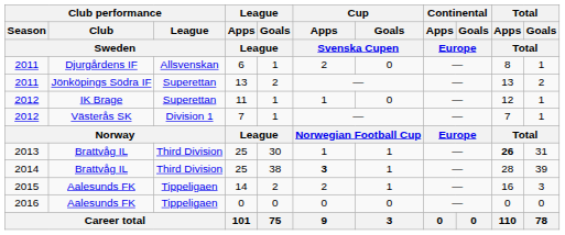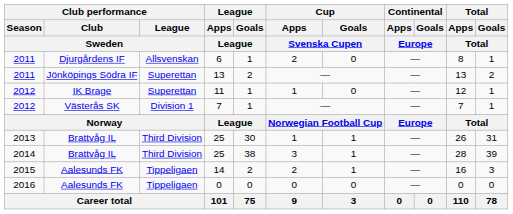 <table class="wikitable" style="text-align:center">
 <tr>
 <th colspan=3>Club performance</th>
 <th colspan=2>League</th>
 <th colspan=2>Cup</th>
 <th colspan=2>Continental</th>
 <th colspan=2>Total</th>
 </tr>
 <tr>
 <th>Season</th>
 <th>Club</th>
 <th>League</th>
 <th>Apps</th>
 <th>Goals</th>
 <th>Apps</th>
 <th>Goals</th>
 <th>Apps</th>
 <th>Goals</th>
 <th>Apps</th>
 <th>Goals</th>
 </tr>
 <tr>
 <th colspan=3>Sweden</th>
 <th colspan=2>League</th>
 <th colspan=2><a href='#'>Svenska Cupen</a></th>
 <th colspan=2><a href='#'>Europe</a></th>
 <th colspan=2>Total</th>
 </tr>
 <tr>
 <td><a href='#'>2011</a></td>
 <td rowspan="1"><a href='#'>Djurgårdens IF</a></td>
 <td rowspan="1"><a href='#'>Allsvenskan</a></td>
 <td>6</td>
 <td>1</td>
 <td>2</td>
 <td>0</td>
 <td colspan="2">—</td>
 <td>8</td>
 <td>1</td>
 </tr>
 <tr>
 <td><a href='#'>2011</a></td>
 <td rowspan="1"><a href='#'>Jönköpings Södra IF</a></td>
 <td rowspan="1"><a href='#'>Superettan</a></td>
 <td>13</td>
 <td>2</td>
 <td colspan="2">—</td>
 <td colspan="2">—</td>
 <td>13</td>
 <td>2</td>
 </tr>
 <tr>
 <td><a href='#'>2012</a></td>
 <td rowspan="1"><a href='#'>IK Brage</a></td>
 <td rowspan="1"><a href='#'>Superettan</a></td>
 <td>11</td>
 <td>1</td>
 <td>1</td>
 <td>0</td>
 <td colspan="2">—</td>
 <td>12</td>
 <td>1</td>
 </tr>
 <tr>
 <td><a href='#'>2012</a></td>
 <td rowspan="1"><a href='#'>Västerås SK</a></td>
 <td rowspan="1"><a href='#'>Division 1</a></td>
 <td>7</td>
 <td>1</td>
 <td colspan="2">—</td>
 <td colspan="2">—</td>
 <td>7</td>
 <td>1</td>
 </tr>
 <tr>
 <th colspan=3>Norway</th>
 <th colspan=2>League</th>
 <th colspan=2><a href='#'>Norwegian Football Cup</a></th>
 <th colspan=2><a href='#'>Europe</a></th>
 <th colspan=2>Total</th>
 </tr>
 <tr>
 <td>2013</td>
 <td rowspan="1"><a href='#'>Brattvåg IL</a></td>
 <td rowspan="1"><a href='#'>Third Division</a></td>
 <td>25</td>
 <td>30</td>
 <td>1</td>
 <td>1</td>
 <td colspan="2">—</td>
-<td><strong>26</strong></td>
+<td>26</td>
 <td>31</td>
 </tr>
 <tr>
 <td>2014</td>
 <td rowspan="1"><a href='#'>Brattvåg IL</a></td>
 <td rowspan="1"><a href='#'>Third Division</a></td>
 <td>25</td>
 <td>38</td>
-<td><strong>3</strong></td>
+<td>3</td>
 <td>1</td>
 <td colspan="2">—</td>
 <td>28</td>
 <td>39</td>
 </tr>
 <tr>
 <td>2015</td>
 <td rowspan="1"><a href='#'>Aalesunds FK</a></td>
 <td rowspan="1"><a href='#'>Tippeligaen</a></td>
 <td>14</td>
 <td>2</td>
 <td>2</td>
 <td>1</td>
 <td colspan="2">—</td>
 <td>16</td>
 <td>3</td>
 </tr>
 <tr>
 <td>2016</td>
 <td rowspan="1"><a href='#'>Aalesunds FK</a></td>
 <td rowspan="1"><a href='#'>Tippeligaen</a></td>
 <td>0</td>
 <td>0</td>
 <td>0</td>
 <td>0</td>
 <td colspan="2">—</td>
 <td>0</td>
 <td>0</td>
 </tr>
 <tr>
 <th colspan=3>Career total</th>
 <th>101</th>
 <th>75</th>
 <th>9</th>
 <th>3</th>
 <th>0</th>
 <th>0</th>
 <th>110</th>
 <th>78</th>
 </tr>
 </table>
